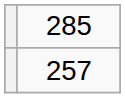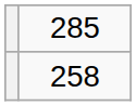 <table class="wikitable">
 <tr>
 <th></th>
 <td style="padding-left: 1em; padding-right: 1em">285</td>
 </tr>
 <tr>
 <th></th>
-<td style="padding-left: 1em; padding-right: 1em">257</td>
+<td style="padding-left: 1em; padding-right: 1em">258</td>
 </tr>
 </table>
